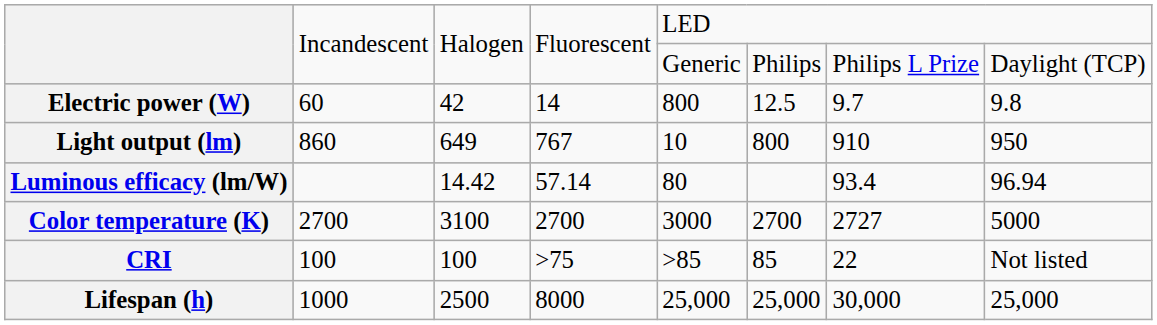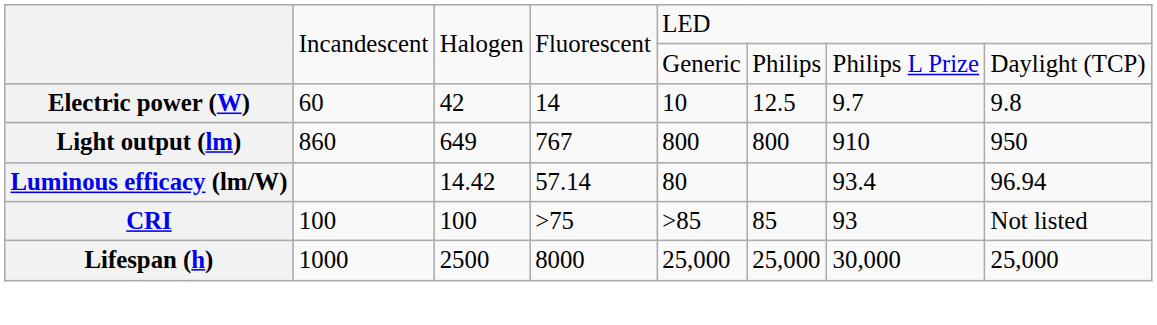 <table class=wikitable>
 <tr>
 <th rowspan=2></th>
 <td rowspan=2>Incandescent</td>
 <td rowspan=2>Halogen</td>
 <td rowspan=2>Fluorescent</td>
 <td colspan=4>LED</td>
 </tr>
 <tr>
 <td>Generic</td>
 <td>Philips</td>
 <td>Philips <a href='#'>L Prize</a></td>
 <td>Daylight (TCP)</td>
 </tr>
 <tr>
 <th>Electric power (<a href='#'>W</a>)</th>
 <td>60</td>
 <td>42</td>
 <td>14</td>
-<td>800</td>
+<td>10</td>
 <td>12.5</td>
 <td>9.7</td>
 <td>9.8</td>
 </tr>
 <tr>
 <th>Light output (<a href='#'>lm</a>)</th>
 <td>860</td>
 <td>649</td>
 <td>767</td>
-<td>10</td>
+<td>800</td>
 <td>800</td>
 <td>910</td>
 <td>950</td>
 </tr>
 <tr>
 <th><a href='#'>Luminous efficacy</a> (lm/W)</th>
 <td></td>
 <td>14.42</td>
 <td>57.14</td>
 <td>80</td>
 <td></td>
 <td>93.4</td>
 <td>96.94</td>
 </tr>
 <tr>
-<th><a href='#'>Color temperature</a> (<a href='#'>K</a>)</th>
-<td style="background-color:#">2700</td>
-<td style="background-color:#">3100</td>
-<td style="background-color:#">2700</td>
-<td style="background-color:#">3000</td>
-<td style="background-color:#">2700</td>
-<td style="background-color:#">2727</td>
-<td style="background-color:#">5000</td>
-</tr>
-<tr>
 <th><a href='#'>CRI</a></th>
 <td>100</td>
 <td>100</td>
 <td>>75</td>
 <td>>85</td>
 <td>85</td>
-<td>22</td>
+<td>93</td>
 <td>Not listed</td>
 </tr>
 <tr>
 <th>Lifespan (<a href='#'>h</a>)</th>
 <td>1000</td>
 <td>2500</td>
 <td>8000</td>
 <td>25,000</td>
 <td>25,000</td>
 <td>30,000</td>
 <td>25,000</td>
 </tr>
 </table>
